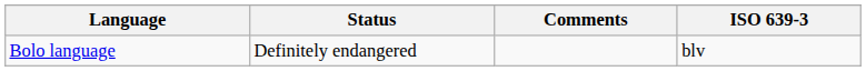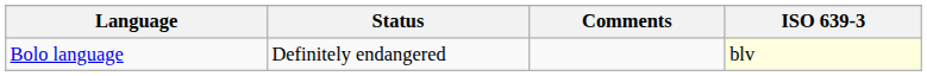 <table class="wikitable" style="margin:auto; font-size:90%;">
 <tr>
 </tr>
 <tr>
 <th style="width:20%;">Language</th>
 <th style="width:20%;">Status</th>
 <th style="width:15%;">Comments</th>
 <th style="width:15%;">ISO 639-3</th>
 </tr>
 <tr>
 <td><a href='#'>Bolo language</a></td>
 <td>Definitely endangered</td>
 <td> </td>
-<td>blv</td>
+<td style="background: lightyellow;">blv</td>
 </tr>
 </table>
